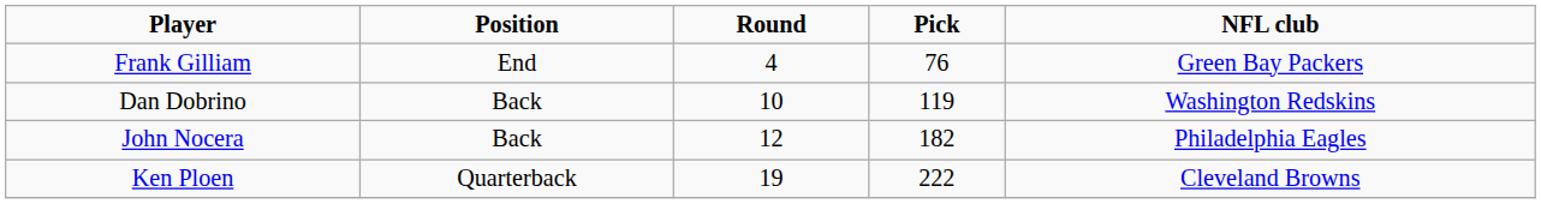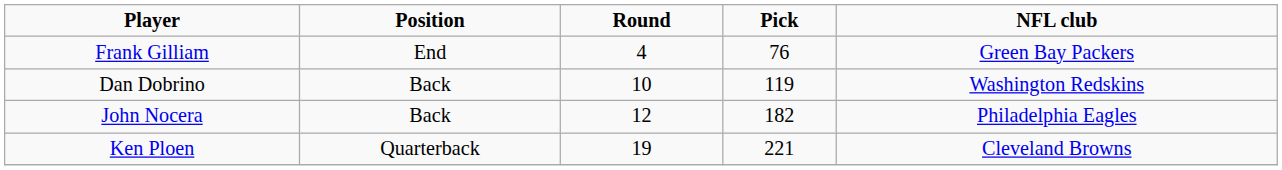 <table class="wikitable" width="80%">
 <tr align="center">
 <td><strong>Player</strong></td>
 <td><strong>Position</strong></td>
 <td><strong>Round</strong></td>
 <td><strong>Pick</strong></td>
 <td><strong>NFL club</strong></td>
 </tr>
 <tr align="center" bgcolor="">
 <td><a href='#'>Frank Gilliam</a></td>
 <td>End</td>
 <td>4</td>
 <td>76</td>
 <td><a href='#'>Green Bay Packers</a></td>
 </tr>
 <tr align="center" bgcolor="">
 <td>Dan Dobrino</td>
 <td>Back</td>
 <td>10</td>
 <td>119</td>
 <td><a href='#'>Washington Redskins</a></td>
 </tr>
 <tr align="center" bgcolor="">
 <td><a href='#'>John Nocera</a></td>
 <td>Back</td>
 <td>12</td>
 <td>182</td>
 <td><a href='#'>Philadelphia Eagles</a></td>
 </tr>
 <tr align="center" bgcolor="">
 <td><a href='#'>Ken Ploen</a></td>
 <td>Quarterback</td>
 <td>19</td>
-<td>222</td>
+<td>221</td>
 <td><a href='#'>Cleveland Browns</a></td>
 </tr>
 <tr align="center" bgcolor="">
 </tr>
 </table>
